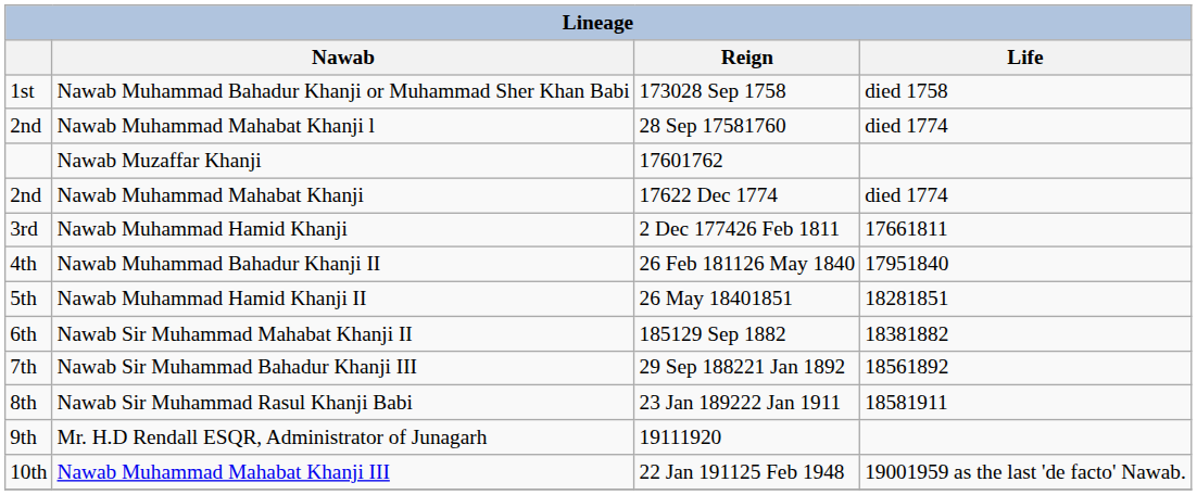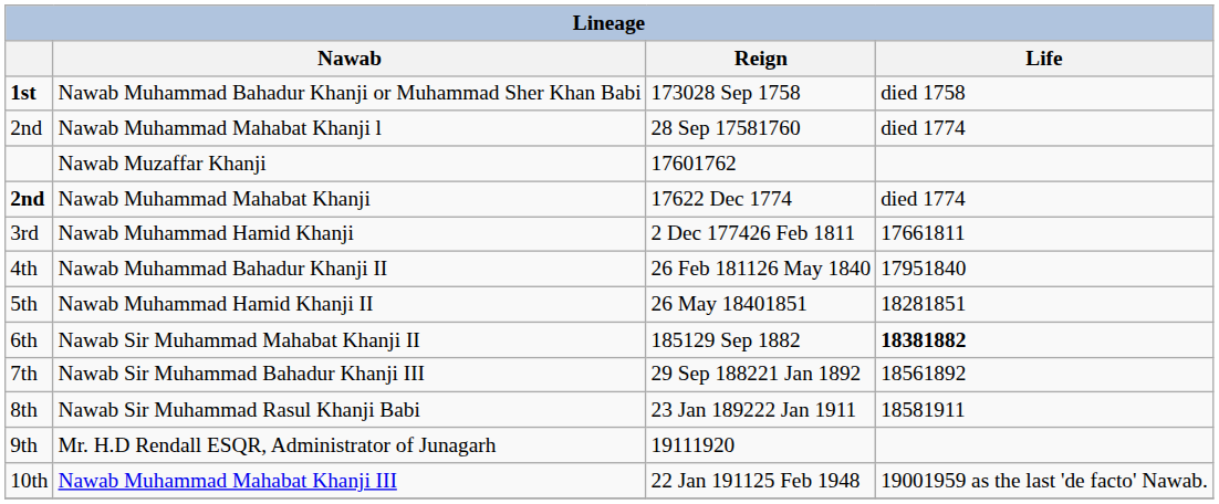 <table class="wikitable" style="font-size: 90%;">
 <tr>
 <th colspan="6" style="background: LightSteelBlue;">Lineage</th>
 </tr>
 <tr>
 <th></th>
 <th>Nawab</th>
 <th>Reign</th>
 <th>Life</th>
 </tr>
 <tr>
-<td>1st</td>
+<td><strong>1st</strong></td>
 <td>Nawab Muhammad Bahadur Khanji or Muhammad Sher Khan Babi</td>
 <td>173028 Sep 1758</td>
 <td>died 1758</td>
 </tr>
 <tr>
 <td>2nd</td>
 <td>Nawab Muhammad Mahabat Khanji l</td>
 <td>28 Sep 17581760</td>
 <td>died 1774</td>
 </tr>
 <tr>
 <td></td>
 <td>Nawab Muzaffar Khanji</td>
 <td>17601762</td>
 <td></td>
 </tr>
 <tr>
-<td>2nd</td>
+<td><strong>2nd</strong></td>
 <td>Nawab Muhammad Mahabat Khanji</td>
 <td>17622 Dec 1774</td>
 <td>died 1774</td>
 </tr>
 <tr>
 <td>3rd</td>
 <td>Nawab Muhammad Hamid Khanji</td>
 <td>2 Dec 177426 Feb 1811</td>
 <td>17661811</td>
 </tr>
 <tr>
 <td>4th</td>
 <td>Nawab Muhammad Bahadur Khanji II</td>
 <td>26 Feb 181126 May 1840</td>
 <td>17951840</td>
 </tr>
 <tr>
 <td>5th</td>
 <td>Nawab Muhammad Hamid Khanji II</td>
 <td>26 May 18401851</td>
 <td>18281851</td>
 </tr>
 <tr>
 <td>6th</td>
 <td>Nawab Sir Muhammad Mahabat Khanji II</td>
 <td>185129 Sep 1882</td>
-<td>18381882</td>
+<td><strong>18381882</strong></td>
 </tr>
 <tr>
 <td>7th</td>
 <td>Nawab Sir Muhammad Bahadur Khanji III</td>
 <td>29 Sep 188221 Jan 1892</td>
 <td>18561892</td>
 </tr>
 <tr>
 <td>8th</td>
 <td>Nawab Sir Muhammad Rasul Khanji Babi</td>
 <td>23 Jan 189222 Jan 1911</td>
 <td>18581911</td>
 </tr>
 <tr>
 <td>9th</td>
 <td>Mr. H.D Rendall ESQR, Administrator of Junagarh</td>
 <td>19111920</td>
 <td></td>
 </tr>
 <tr>
 <td>10th</td>
 <td><a href='#'>Nawab Muhammad Mahabat Khanji III</a></td>
 <td>22 Jan 191125 Feb 1948</td>
 <td>19001959 as the last 'de facto' Nawab.</td>
 </tr>
 <tr>
 </tr>
 </table>
